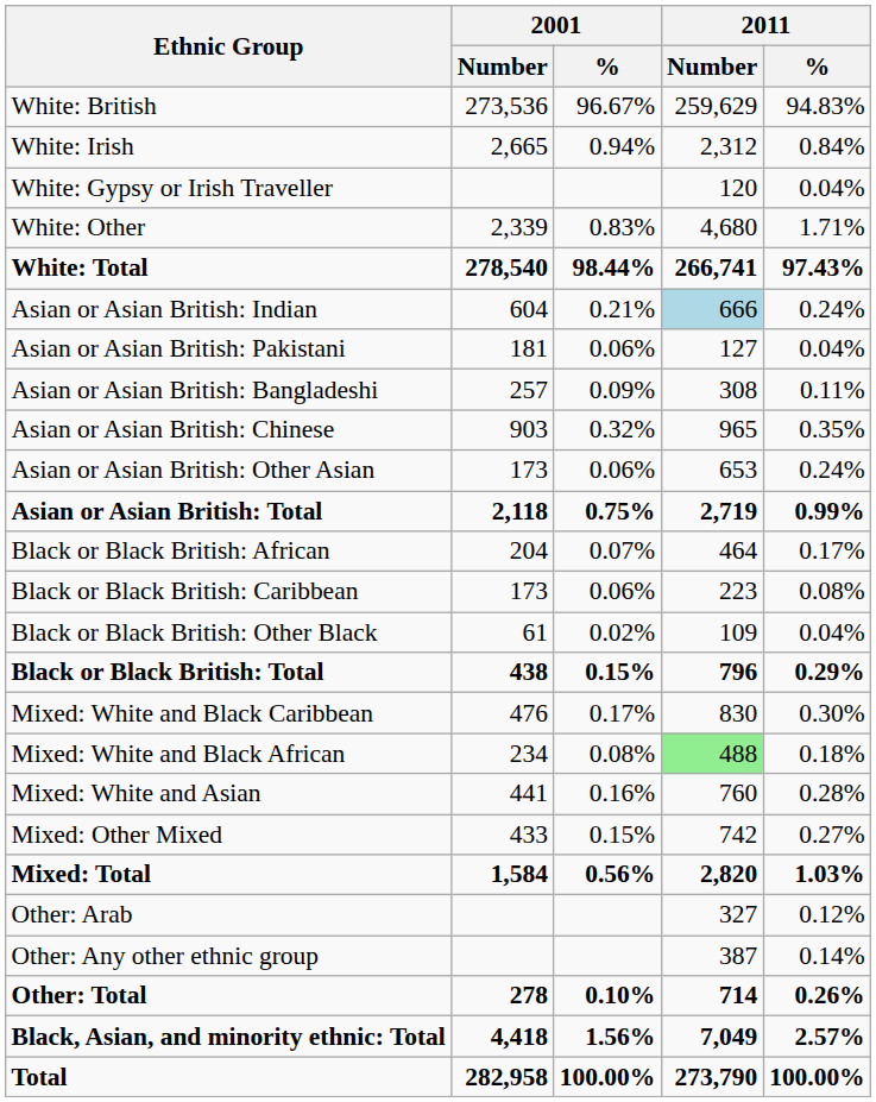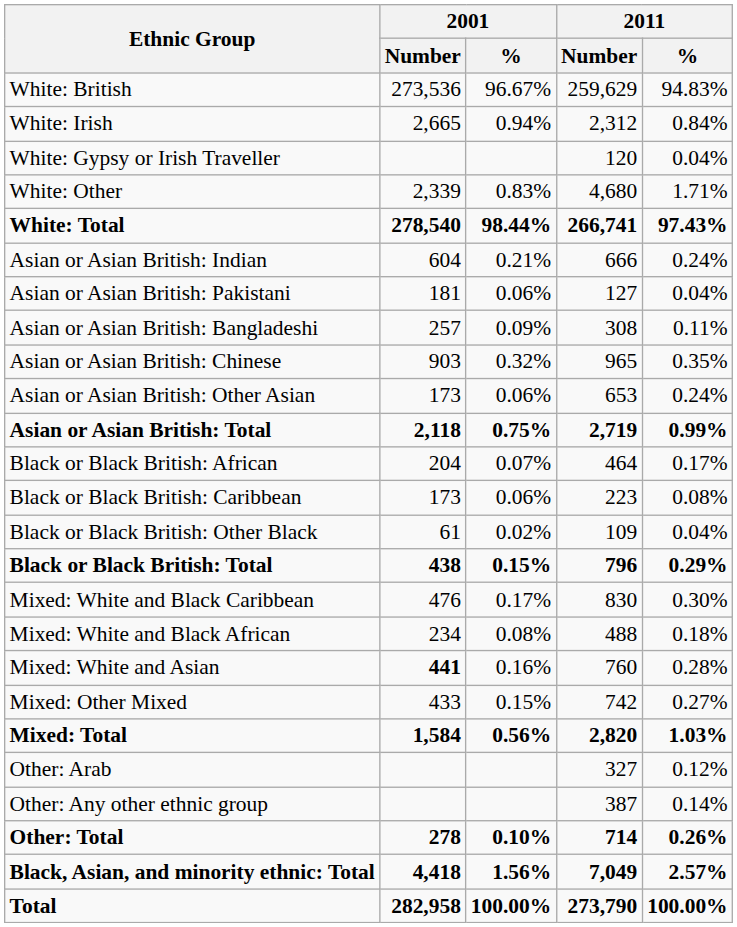 <table class="wikitable sortable" style="text-align:right">
 <tr>
 <th rowspan="2">Ethnic Group</th>
 <th colspan="2">2001</th>
 <th colspan="2">2011</th>
 </tr>
 <tr>
 <th>Number</th>
 <th>%</th>
 <th>Number</th>
 <th>%</th>
 </tr>
 <tr>
 <td style="text-align:left">White: British</td>
 <td>273,536</td>
 <td>96.67%</td>
 <td>259,629</td>
 <td>94.83%</td>
 </tr>
 <tr>
 <td style="text-align:left">White: Irish</td>
 <td>2,665</td>
 <td>0.94%</td>
 <td>2,312</td>
 <td>0.84%</td>
 </tr>
 <tr>
 <td style="text-align:left">White: Gypsy or Irish Traveller</td>
 <td></td>
 <td></td>
 <td>120</td>
 <td>0.04%</td>
 </tr>
 <tr>
 <td style="text-align:left">White: Other</td>
 <td>2,339</td>
 <td>0.83%</td>
 <td>4,680</td>
 <td>1.71%</td>
 </tr>
 <tr>
 <td style="text-align:left"><strong>White: Total</strong></td>
 <td><strong>278,540</strong></td>
 <td><strong>98.44%</strong></td>
 <td><strong>266,741</strong></td>
 <td><strong>97.43%</strong></td>
 </tr>
 <tr>
 <td style="text-align:left">Asian or Asian British: Indian</td>
 <td>604</td>
 <td>0.21%</td>
-<td style="background: lightblue;">666</td>
+<td>666</td>
 <td>0.24%</td>
 </tr>
 <tr>
 <td style="text-align:left">Asian or Asian British: Pakistani</td>
 <td>181</td>
 <td>0.06%</td>
 <td>127</td>
 <td>0.04%</td>
 </tr>
 <tr>
 <td style="text-align:left">Asian or Asian British: Bangladeshi</td>
 <td>257</td>
 <td>0.09%</td>
 <td>308</td>
 <td>0.11%</td>
 </tr>
 <tr>
 <td style="text-align:left">Asian or Asian British: Chinese</td>
 <td>903</td>
 <td>0.32%</td>
 <td>965</td>
 <td>0.35%</td>
 </tr>
 <tr>
 <td style="text-align:left">Asian or Asian British: Other Asian</td>
 <td>173</td>
 <td>0.06%</td>
 <td>653</td>
 <td>0.24%</td>
 </tr>
 <tr>
 <td style="text-align:left"><strong>Asian or Asian British: Total</strong></td>
 <td><strong>2,118</strong></td>
 <td><strong>0.75%</strong></td>
 <td><strong>2,719</strong></td>
 <td><strong>0.99%</strong></td>
 </tr>
 <tr>
 <td style="text-align:left">Black or Black British: African</td>
 <td>204</td>
 <td>0.07%</td>
 <td>464</td>
 <td>0.17%</td>
 </tr>
 <tr>
 <td style="text-align:left">Black or Black British: Caribbean</td>
 <td>173</td>
 <td>0.06%</td>
 <td>223</td>
 <td>0.08%</td>
 </tr>
 <tr>
 <td style="text-align:left">Black or Black British: Other Black</td>
 <td>61</td>
 <td>0.02%</td>
 <td>109</td>
 <td>0.04%</td>
 </tr>
 <tr>
 <td style="text-align:left"><strong>Black or Black British: Total</strong></td>
 <td><strong>438</strong></td>
 <td><strong>0.15%</strong></td>
 <td><strong>796</strong></td>
 <td><strong>0.29%</strong></td>
 </tr>
 <tr>
 <td style="text-align:left">Mixed: White and Black Caribbean</td>
 <td>476</td>
 <td>0.17%</td>
 <td>830</td>
 <td>0.30%</td>
 </tr>
 <tr>
 <td style="text-align:left">Mixed: White and Black African</td>
 <td>234</td>
 <td>0.08%</td>
-<td style="background: lightgreen;">488</td>
+<td>488</td>
 <td>0.18%</td>
 </tr>
 <tr>
 <td style="text-align:left">Mixed: White and Asian</td>
-<td>441</td>
+<td><strong>441</strong></td>
 <td>0.16%</td>
 <td>760</td>
 <td>0.28%</td>
 </tr>
 <tr>
 <td style="text-align:left">Mixed: Other Mixed</td>
 <td>433</td>
 <td>0.15%</td>
 <td>742</td>
 <td>0.27%</td>
 </tr>
 <tr>
 <td style="text-align:left"><strong>Mixed: Total</strong></td>
 <td><strong>1,584</strong></td>
 <td><strong>0.56%</strong></td>
 <td><strong>2,820</strong></td>
 <td><strong>1.03%</strong></td>
 </tr>
 <tr>
 <td style="text-align:left">Other: Arab</td>
 <td></td>
 <td></td>
 <td>327</td>
 <td>0.12%</td>
 </tr>
 <tr>
 <td style="text-align:left">Other: Any other ethnic group</td>
 <td></td>
 <td></td>
 <td>387</td>
 <td>0.14%</td>
 </tr>
 <tr 5>
 <td style="text-align:left"><strong>Other: Total</strong></td>
 <td><strong>278</strong></td>
 <td><strong>0.10%</strong></td>
 <td><strong>714</strong></td>
 <td><strong>0.26%</strong></td>
 </tr>
 <tr>
 <td style="text-align:left"><strong>Black, Asian, and minority ethnic: Total</strong></td>
 <td><strong>4,418</strong></td>
 <td><strong>1.56%</strong></td>
 <td><strong>7,049</strong></td>
 <td><strong>2.57%</strong></td>
 </tr>
 <tr>
 <td style="text-align:left"><strong>Total</strong></td>
 <td><strong>282,958</strong></td>
 <td><strong>100.00%</strong></td>
 <td><strong>273,790</strong></td>
 <td><strong>100.00%</strong></td>
 </tr>
 </table>
